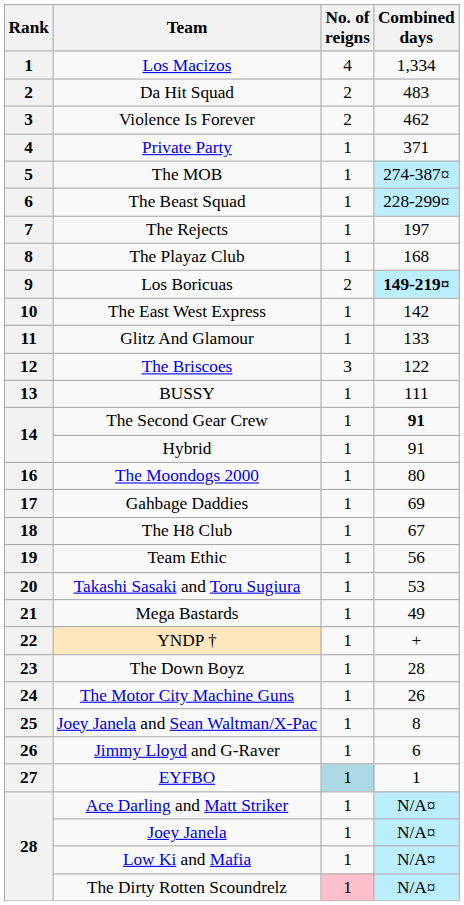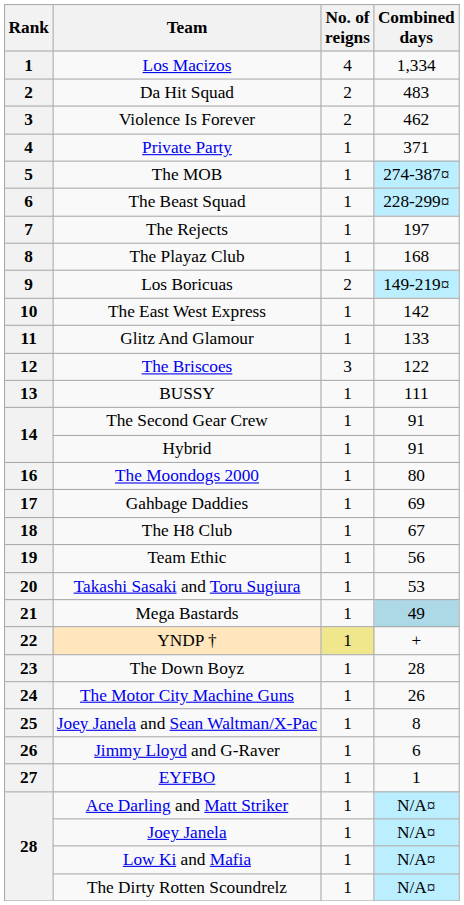 <table class="wikitable sortable" style="text-align: center">
 <tr>
 <th>Rank</th>
 <th>Team</th>
 <th>No. of<br>reigns</th>
 <th>Combined<br>days</th>
 </tr>
 <tr>
 <th>1</th>
 <td><a href='#'>Los Macizos<br></a></td>
 <td>4</td>
 <td>1,334</td>
 </tr>
 <tr>
 <th>2</th>
 <td>Da Hit Squad<br></td>
 <td>2</td>
 <td>483</td>
 </tr>
 <tr>
 <th>3</th>
 <td>Violence Is Forever<br></td>
 <td>2</td>
 <td>462</td>
 </tr>
 <tr>
 <th>4</th>
 <td><a href='#'>Private Party</a><br></td>
 <td>1</td>
 <td>371</td>
 </tr>
 <tr>
 <th>5</th>
 <td>The MOB<br></td>
 <td>1</td>
 <td style="background-color:#bbeeff">274-387¤</td>
 </tr>
 <tr>
 <th>6</th>
 <td>The Beast Squad<br></td>
 <td>1</td>
 <td style="background-color:#bbeeff">228-299¤</td>
 </tr>
 <tr>
 <th>7</th>
 <td>The Rejects<br></td>
 <td>1</td>
 <td>197</td>
 </tr>
 <tr>
 <th>8</th>
 <td>The Playaz Club<br></td>
 <td>1</td>
 <td>168</td>
 </tr>
 <tr>
 <th>9</th>
 <td>Los Boricuas<br></td>
 <td>2</td>
-<td style="background-color:#bbeeff"><strong>149-219¤</strong></td>
+<td style="background-color:#bbeeff">149-219¤</td>
 </tr>
 <tr>
 <th>10</th>
 <td>The East West Express<br></td>
 <td>1</td>
 <td>142</td>
 </tr>
 <tr>
 <th>11</th>
 <td>Glitz And Glamour<br></td>
 <td>1</td>
 <td>133</td>
 </tr>
 <tr>
 <th>12</th>
 <td><a href='#'>The Briscoes</a><br></td>
 <td>3</td>
 <td>122</td>
 </tr>
 <tr>
 <th>13</th>
 <td>BUSSY<br></td>
 <td>1</td>
 <td>111</td>
 </tr>
 <tr>
 <th rowspan=2>14</th>
 <td>The Second Gear Crew<br></td>
 <td>1</td>
-<td><strong>91</strong></td>
+<td>91</td>
 </tr>
 <tr>
 <td>Hybrid<br></td>
 <td>1</td>
 <td>91</td>
 </tr>
 <tr>
 <th>16</th>
 <td><a href='#'>The Moondogs 2000</a><br></td>
 <td>1</td>
 <td>80</td>
 </tr>
 <tr>
 <th>17</th>
 <td>Gahbage Daddies<br></td>
 <td>1</td>
 <td>69</td>
 </tr>
 <tr>
 <th>18</th>
 <td>The H8 Club<br></td>
 <td>1</td>
 <td>67</td>
 </tr>
 <tr>
 <th>19</th>
 <td>Team Ethic<br></td>
 <td>1</td>
 <td>56</td>
 </tr>
 <tr>
 <th>20</th>
 <td><a href='#'>Takashi Sasaki</a> and <a href='#'>Toru Sugiura</a></td>
 <td>1</td>
 <td>53</td>
 </tr>
 <tr>
 <th>21</th>
 <td>Mega Bastards<br></td>
 <td>1</td>
-<td>49</td>
+<td style="background: lightblue;">49</td>
 </tr>
 <tr>
 <th>22</th>
 <td style="background-color:#FFE6BD">YNDP †<br></td>
-<td>1</td>
+<td style="background: khaki;">1</td>
 <td>+</td>
 </tr>
 <tr>
 <th>23</th>
 <td>The Down Boyz<br></td>
 <td>1</td>
 <td>28</td>
 </tr>
 <tr>
 <th>24</th>
 <td><a href='#'>The Motor City Machine Guns</a><br></td>
 <td>1</td>
 <td>26</td>
 </tr>
 <tr>
 <th>25</th>
 <td><a href='#'>Joey Janela</a> and <a href='#'>Sean Waltman/X-Pac</a></td>
 <td>1</td>
 <td>8</td>
 </tr>
 <tr>
 <th>26</th>
 <td><a href='#'>Jimmy Lloyd</a> and G-Raver</td>
 <td>1</td>
 <td>6</td>
 </tr>
 <tr>
 <th>27</th>
 <td><a href='#'>EYFBO</a><br></td>
-<td style="background: lightblue;">1</td>
+<td>1</td>
 <td>1</td>
 </tr>
 <tr>
 <th rowspan=4>28</th>
 <td><a href='#'>Ace Darling</a> and <a href='#'>Matt Striker</a></td>
 <td>1</td>
 <td style="background-color:#bbeeff">N/A¤</td>
 </tr>
 <tr>
 <td><a href='#'>Joey Janela</a></td>
 <td>1</td>
 <td style="background-color:#bbeeff">N/A¤</td>
 </tr>
 <tr>
 <td><a href='#'>Low Ki</a> and <a href='#'>Mafia</a></td>
 <td>1</td>
 <td style="background-color:#bbeeff">N/A¤</td>
 </tr>
 <tr>
 <td>The Dirty Rotten Scoundrelz<br></td>
-<td style="background: pink;">1</td>
+<td>1</td>
 <td style="background-color:#bbeeff">N/A¤</td>
 </tr>
 </table>
